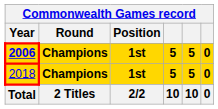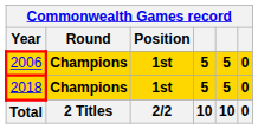 <table class="wikitable" style="text-align: center;">
 <tr>
 <th colspan=10><a href='#'>Commonwealth Games record</a></th>
 </tr>
 <tr>
 <th>Year</th>
 <th>Round</th>
 <th>Position</th>
 <th></th>
 <th></th>
 <th></th>
 </tr>
 <tr style="background:gold;">
-<td style="border: 3px solid red"><strong> <a href='#'>2006</a></strong></td>
+<td style="border: 3px solid red"> <a href='#'>2006</a></td>
 <td><strong>Champions</strong></td>
 <td><strong>1st</strong></td>
 <td><strong>5</strong></td>
 <td><strong>5</strong></td>
 <td><strong>0</strong></td>
 </tr>
 <tr style="background:gold;">
 <td style="border: 3px solid red"> <a href='#'>2018</a></td>
 <td><strong>Champions</strong></td>
 <td><strong>1st</strong></td>
 <td><strong>5</strong></td>
 <td><strong>5</strong></td>
 <td><strong>0</strong></td>
 </tr>
 <tr>
 <th>Total</th>
 <th>2 Titles</th>
 <th>2/2</th>
 <th>10</th>
 <th>10</th>
 <th>0</th>
 </tr>
 </table>
